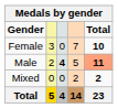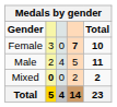 <table class=wikitable style="font-size:85%; float:right;text-align:center">
 <tr bgcolor=EFEFEF>
 <th colspan=6><strong>Medals by gender</strong></th>
 </tr>
 <tr>
 <td><strong>Gender</strong></td>
 <td bgcolor=F7F6A8></td>
 <td bgcolor=DCE5E5></td>
 <td bgcolor=FFDAB9></td>
 <td><strong>Total</strong></td>
 </tr>
 <tr>
 <td>Female</td>
 <td bgcolor=F7F6A8>3</td>
 <td bgcolor=DCE5E5>0</td>
-<td bgcolor=FFDAB9>7</td>
+<td bgcolor=FFDAB9><strong>7</strong></td>
 <td><strong>10</strong></td>
 </tr>
 <tr>
 <td>Male</td>
 <td bgcolor=F7F6A8>2</td>
-<td bgcolor=DCE5E5><strong>4</strong></td>
+<td bgcolor=DCE5E5>4</td>
 <td bgcolor=FFDAB9>5</td>
-<td style="background: lightsalmon;"><strong>11</strong></td>
+<td><strong>11</strong></td>
 </tr>
 <tr>
 <td>Mixed</td>
-<td bgcolor=F7F6A8>0</td>
+<td bgcolor=F7F6A8><strong>0</strong></td>
 <td bgcolor=DCE5E5>0</td>
 <td bgcolor=FFDAB9>2</td>
 <td><strong>2</strong></td>
 </tr>
 <tr>
 <th><strong>Total</strong></th>
 <th style=background:gold><strong>5</strong></th>
 <th style=background:silver><strong>4</strong></th>
 <th style=background:#C96><strong>14</strong></th>
 <th><strong>23</strong></th>
 </tr>
 </table>
